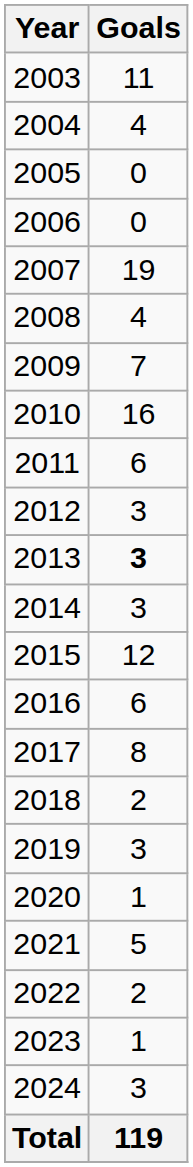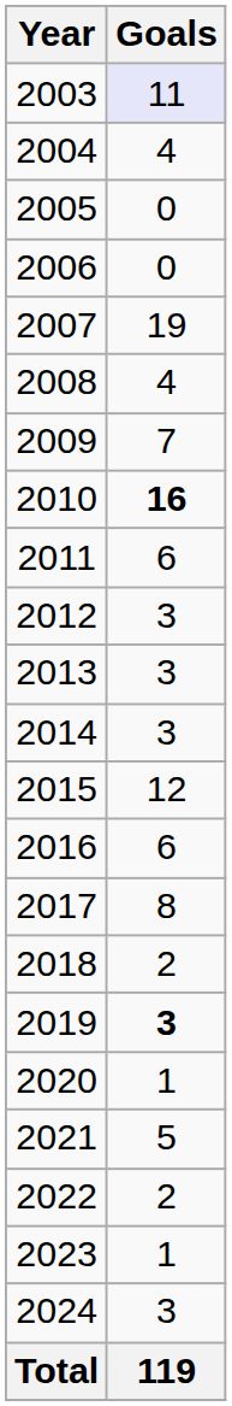 <table class="wikitable sortable" style="text-align:center">
 <tr>
 <th scope="col">Year</th>
 <th scope="col">Goals</th>
 </tr>
 <tr>
 <td>2003</td>
-<td>11</td>
+<td style="background: lavender;">11</td>
 </tr>
 <tr>
 <td>2004</td>
 <td>4</td>
 </tr>
 <tr>
 <td>2005</td>
 <td>0</td>
 </tr>
 <tr>
 <td>2006</td>
 <td>0</td>
 </tr>
 <tr>
 <td>2007</td>
 <td>19</td>
 </tr>
 <tr>
 <td>2008</td>
 <td>4</td>
 </tr>
 <tr>
 <td>2009</td>
 <td>7</td>
 </tr>
 <tr>
 <td>2010</td>
-<td>16</td>
+<td><strong>16</strong></td>
 </tr>
 <tr>
 <td>2011</td>
 <td>6</td>
 </tr>
 <tr>
 <td>2012</td>
 <td>3</td>
 </tr>
 <tr>
 <td>2013</td>
-<td><strong>3</strong></td>
+<td>3</td>
 </tr>
 <tr>
 <td>2014</td>
 <td>3</td>
 </tr>
 <tr>
 <td>2015</td>
 <td>12</td>
 </tr>
 <tr>
 <td>2016</td>
 <td>6</td>
 </tr>
 <tr>
 <td>2017</td>
 <td>8</td>
 </tr>
 <tr>
 <td>2018</td>
 <td>2</td>
 </tr>
 <tr>
 <td>2019</td>
-<td>3</td>
+<td><strong>3</strong></td>
 </tr>
 <tr>
 <td>2020</td>
 <td>1</td>
 </tr>
 <tr>
 <td>2021</td>
 <td>5</td>
 </tr>
 <tr>
 <td>2022</td>
 <td>2</td>
 </tr>
 <tr>
 <td>2023</td>
 <td>1</td>
 </tr>
 <tr>
 <td>2024</td>
 <td>3</td>
 </tr>
 <tr>
 <th>Total</th>
 <th>119</th>
 </tr>
 <tr>
 </tr>
 </table>
